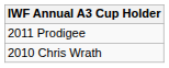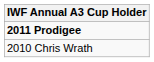 <table class="wikitable" border="1">
 <tr>
 <th><strong>IWF Annual A3 Cup Holder</strong></th>
 </tr>
 <tr>
-<td>2011 Prodigee</td>
+<td><strong>2011 Prodigee</strong></td>
 </tr>
 <tr>
 <td>2010 Chris Wrath</td>
 </tr>
 </table>
